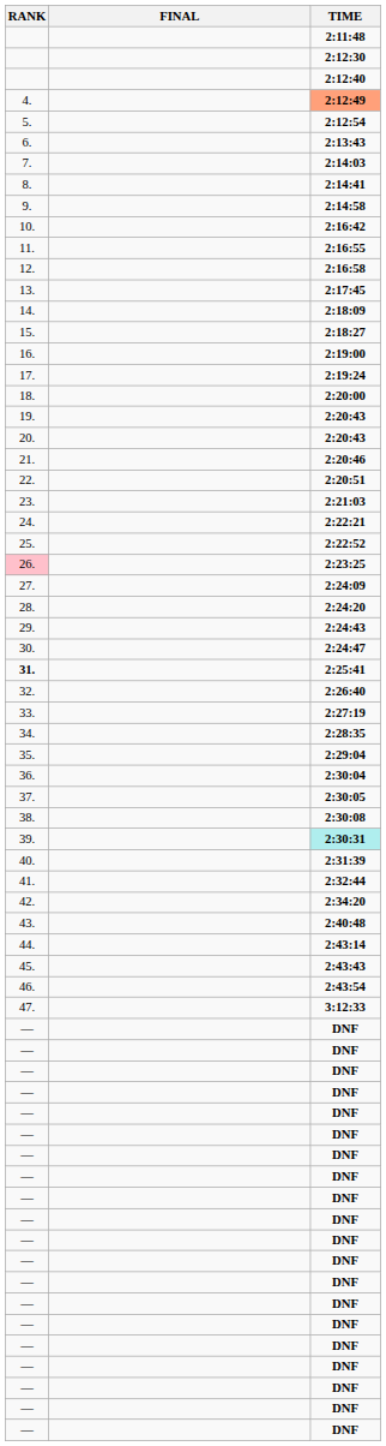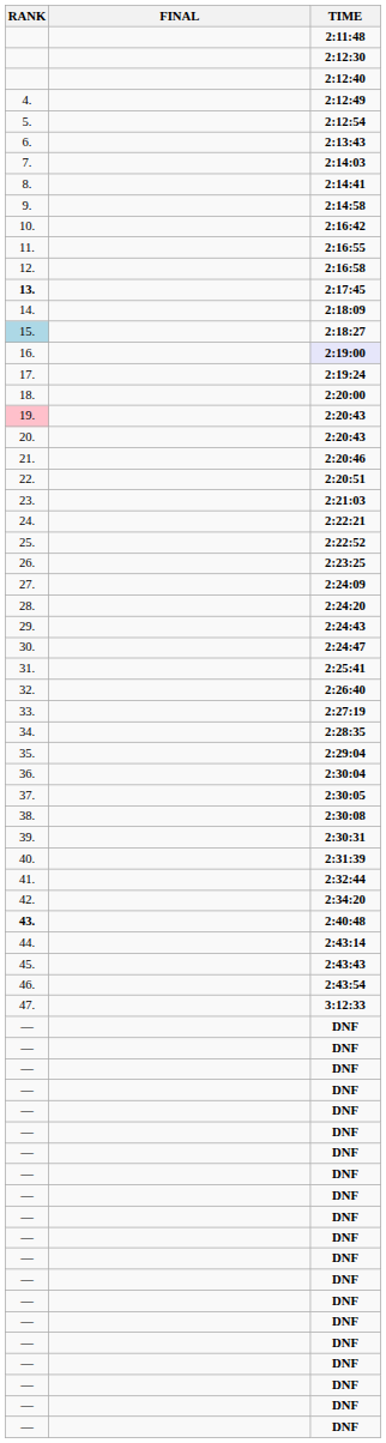 <table class="wikitable" style="border-collapse: collapse; font-size: 90%;">
 <tr>
 <th>RANK</th>
 <th style="width: 20em">FINAL</th>
 <th style="width: 5em">TIME</th>
 </tr>
 <tr>
 <td align="center"></td>
 <td></td>
 <td align="center"><strong>2:11:48</strong></td>
 </tr>
 <tr>
 <td align="center"></td>
 <td></td>
 <td align="center"><strong>2:12:30</strong></td>
 </tr>
 <tr>
 <td align="center"></td>
 <td></td>
 <td align="center"><strong>2:12:40</strong></td>
 </tr>
 <tr>
 <td align="center">4.</td>
 <td></td>
-<td align="center" style="background: lightsalmon;"><strong>2:12:49</strong></td>
+<td align="center"><strong>2:12:49</strong></td>
 </tr>
 <tr>
 <td align="center">5.</td>
 <td></td>
 <td align="center"><strong>2:12:54</strong></td>
 </tr>
 <tr>
 <td align="center">6.</td>
 <td></td>
 <td align="center"><strong>2:13:43</strong></td>
 </tr>
 <tr>
 <td align="center">7.</td>
 <td></td>
 <td align="center"><strong>2:14:03</strong></td>
 </tr>
 <tr>
 <td align="center">8.</td>
 <td></td>
 <td align="center"><strong>2:14:41</strong></td>
 </tr>
 <tr>
 <td align="center">9.</td>
 <td></td>
 <td align="center"><strong>2:14:58</strong></td>
 </tr>
 <tr>
 <td align="center">10.</td>
 <td></td>
 <td align="center"><strong>2:16:42</strong></td>
 </tr>
 <tr>
 <td align="center">11.</td>
 <td></td>
 <td align="center"><strong>2:16:55</strong></td>
 </tr>
 <tr>
 <td align="center">12.</td>
 <td></td>
 <td align="center"><strong>2:16:58</strong></td>
 </tr>
 <tr>
-<td align="center">13.</td>
+<td align="center"><strong>13.</strong></td>
 <td></td>
 <td align="center"><strong>2:17:45</strong></td>
 </tr>
 <tr>
 <td align="center">14.</td>
 <td></td>
 <td align="center"><strong>2:18:09</strong></td>
 </tr>
 <tr>
-<td align="center">15.</td>
+<td align="center" style="background: lightblue;">15.</td>
 <td></td>
 <td align="center"><strong>2:18:27</strong></td>
 </tr>
 <tr>
 <td align="center">16.</td>
 <td></td>
-<td align="center"><strong>2:19:00</strong></td>
+<td align="center" style="background: lavender;"><strong>2:19:00</strong></td>
 </tr>
 <tr>
 <td align="center">17.</td>
 <td></td>
 <td align="center"><strong>2:19:24</strong></td>
 </tr>
 <tr>
 <td align="center">18.</td>
 <td></td>
 <td align="center"><strong>2:20:00</strong></td>
 </tr>
 <tr>
-<td align="center">19.</td>
+<td align="center" style="background: pink;">19.</td>
 <td></td>
 <td align="center"><strong>2:20:43</strong></td>
 </tr>
 <tr>
 <td align="center">20.</td>
 <td></td>
 <td align="center"><strong>2:20:43</strong></td>
 </tr>
 <tr>
 <td align="center">21.</td>
 <td></td>
 <td align="center"><strong>2:20:46</strong></td>
 </tr>
 <tr>
 <td align="center">22.</td>
 <td></td>
 <td align="center"><strong>2:20:51</strong></td>
 </tr>
 <tr>
 <td align="center">23.</td>
 <td></td>
 <td align="center"><strong>2:21:03</strong></td>
 </tr>
 <tr>
 <td align="center">24.</td>
 <td></td>
 <td align="center"><strong>2:22:21</strong></td>
 </tr>
 <tr>
 <td align="center">25.</td>
 <td></td>
 <td align="center"><strong>2:22:52</strong></td>
 </tr>
 <tr>
-<td align="center" style="background: pink;">26.</td>
+<td align="center">26.</td>
 <td></td>
 <td align="center"><strong>2:23:25</strong></td>
 </tr>
 <tr>
 <td align="center">27.</td>
 <td></td>
 <td align="center"><strong>2:24:09</strong></td>
 </tr>
 <tr>
 <td align="center">28.</td>
 <td></td>
 <td align="center"><strong>2:24:20</strong></td>
 </tr>
 <tr>
 <td align="center">29.</td>
 <td></td>
 <td align="center"><strong>2:24:43</strong></td>
 </tr>
 <tr>
 <td align="center">30.</td>
 <td></td>
 <td align="center"><strong>2:24:47</strong></td>
 </tr>
 <tr>
-<td align="center"><strong>31.</strong></td>
+<td align="center">31.</td>
 <td></td>
 <td align="center"><strong>2:25:41</strong></td>
 </tr>
 <tr>
 <td align="center">32.</td>
 <td></td>
 <td align="center"><strong>2:26:40</strong></td>
 </tr>
 <tr>
 <td align="center">33.</td>
 <td></td>
 <td align="center"><strong>2:27:19</strong></td>
 </tr>
 <tr>
 <td align="center">34.</td>
 <td></td>
 <td align="center"><strong>2:28:35</strong></td>
 </tr>
 <tr>
 <td align="center">35.</td>
 <td></td>
 <td align="center"><strong>2:29:04</strong></td>
 </tr>
 <tr>
 <td align="center">36.</td>
 <td></td>
 <td align="center"><strong>2:30:04</strong></td>
 </tr>
 <tr>
 <td align="center">37.</td>
 <td></td>
 <td align="center"><strong>2:30:05</strong></td>
 </tr>
 <tr>
 <td align="center">38.</td>
 <td></td>
 <td align="center"><strong>2:30:08</strong></td>
 </tr>
 <tr>
 <td align="center">39.</td>
 <td></td>
-<td align="center" style="background: paleturquoise;"><strong>2:30:31</strong></td>
+<td align="center"><strong>2:30:31</strong></td>
 </tr>
 <tr>
 <td align="center">40.</td>
 <td></td>
 <td align="center"><strong>2:31:39</strong></td>
 </tr>
 <tr>
 <td align="center">41.</td>
 <td></td>
 <td align="center"><strong>2:32:44</strong></td>
 </tr>
 <tr>
 <td align="center">42.</td>
 <td></td>
 <td align="center"><strong>2:34:20</strong></td>
 </tr>
 <tr>
-<td align="center">43.</td>
+<td align="center"><strong>43.</strong></td>
 <td></td>
 <td align="center"><strong>2:40:48</strong></td>
 </tr>
 <tr>
 <td align="center">44.</td>
 <td></td>
 <td align="center"><strong>2:43:14</strong></td>
 </tr>
 <tr>
 <td align="center">45.</td>
 <td></td>
 <td align="center"><strong>2:43:43</strong></td>
 </tr>
 <tr>
 <td align="center">46.</td>
 <td></td>
 <td align="center"><strong>2:43:54</strong></td>
 </tr>
 <tr>
 <td align="center">47.</td>
 <td></td>
 <td align="center"><strong>3:12:33</strong></td>
 </tr>
 <tr>
 <td align="center">—</td>
 <td></td>
 <td align="center"><strong>DNF</strong></td>
 </tr>
 <tr>
 <td align="center">—</td>
 <td></td>
 <td align="center"><strong>DNF</strong></td>
 </tr>
 <tr>
 <td align="center">—</td>
 <td></td>
 <td align="center"><strong>DNF</strong></td>
 </tr>
 <tr>
 <td align="center">—</td>
 <td></td>
 <td align="center"><strong>DNF</strong></td>
 </tr>
 <tr>
 <td align="center">—</td>
 <td></td>
 <td align="center"><strong>DNF</strong></td>
 </tr>
 <tr>
 <td align="center">—</td>
 <td></td>
 <td align="center"><strong>DNF</strong></td>
 </tr>
 <tr>
 <td align="center">—</td>
 <td></td>
 <td align="center"><strong>DNF</strong></td>
 </tr>
 <tr>
 <td align="center">—</td>
 <td></td>
 <td align="center"><strong>DNF</strong></td>
 </tr>
 <tr>
 <td align="center">—</td>
 <td></td>
 <td align="center"><strong>DNF</strong></td>
 </tr>
 <tr>
 <td align="center">—</td>
 <td></td>
 <td align="center"><strong>DNF</strong></td>
 </tr>
 <tr>
 <td align="center">—</td>
 <td></td>
 <td align="center"><strong>DNF</strong></td>
 </tr>
 <tr>
 <td align="center">—</td>
 <td></td>
 <td align="center"><strong>DNF</strong></td>
 </tr>
 <tr>
 <td align="center">—</td>
 <td></td>
 <td align="center"><strong>DNF</strong></td>
 </tr>
 <tr>
 <td align="center">—</td>
 <td></td>
 <td align="center"><strong>DNF</strong></td>
 </tr>
 <tr>
 <td align="center">—</td>
 <td></td>
 <td align="center"><strong>DNF</strong></td>
 </tr>
 <tr>
 <td align="center">—</td>
 <td></td>
 <td align="center"><strong>DNF</strong></td>
 </tr>
 <tr>
 <td align="center">—</td>
 <td></td>
 <td align="center"><strong>DNF</strong></td>
 </tr>
 <tr>
 <td align="center">—</td>
 <td></td>
 <td align="center"><strong>DNF</strong></td>
 </tr>
 <tr>
 <td align="center">—</td>
 <td></td>
 <td align="center"><strong>DNF</strong></td>
 </tr>
 <tr>
 <td align="center">—</td>
 <td></td>
 <td align="center"><strong>DNF</strong></td>
 </tr>
 </table>
